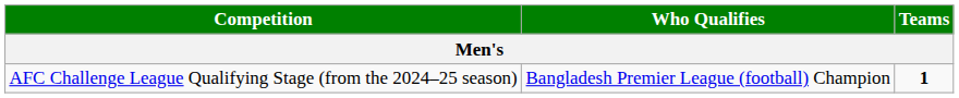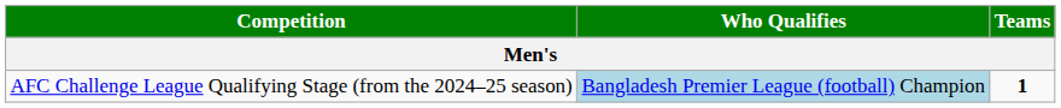 <table class="wikitable" style="text-align:center">
 <tr>
 <th style="background:Green; color:white; text-align:center;">Competition</th>
 <th style="background:Green; color:white; text-align:center;">Who Qualifies</th>
 <th style="background:Green; color:white; text-align:center;">Teams</th>
 </tr>
 <tr>
 <th colspan=3>Men's</th>
 </tr>
 <tr>
 <td><a href='#'>AFC Challenge League</a> Qualifying Stage (from the 2024–25 season)</td>
-<td><a href='#'>Bangladesh Premier League (football)</a> Champion</td>
+<td style="background: lightblue;"><a href='#'>Bangladesh Premier League (football)</a> Champion</td>
 <td><strong>1</strong></td>
 </tr>
 </table>
